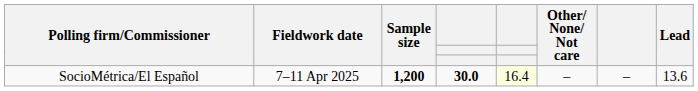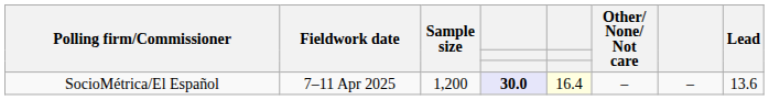 <table class="wikitable collapsible collapsed" style="text-align:center; font-size:90%; line-height:14px;">
 <tr style="height:42px;">
 <th style="width:250px;" rowspan="3">Polling firm/Commissioner</th>
 <th style="width:125px;" rowspan="3">Fieldwork date</th>
 <th style="width:50px;" rowspan="3">Sample size</th>
 <th style="width:55px;"></th>
 <th style="width:35px;"></th>
 <th style="width:55px;" rowspan="3">Other/<br>None/<br>Not<br>care</th>
 <th style="width:55px;" rowspan="3"></th>
 <th style="width:30px;" rowspan="3">Lead</th>
 </tr>
 <tr>
 <th style="color:inherit;background:"></th>
 <th style="color:inherit;background:"></th>
 </tr>
 <tr>
 <th></th>
 <th></th>
 </tr>
 <tr>
 <td>SocioMétrica/El Español</td>
 <td>7–11 Apr 2025</td>
-<td><strong>1,200</strong></td>
-<td><strong>30.0</strong></td>
+<td>1,200</td>
+<td style="background: lavender;"><strong>30.0</strong></td>
 <td style="background: lightyellow;">16.4</td>
 <td>–</td>
 <td>–</td>
 <td style="background:">13.6</td>
 </tr>
 </table>
